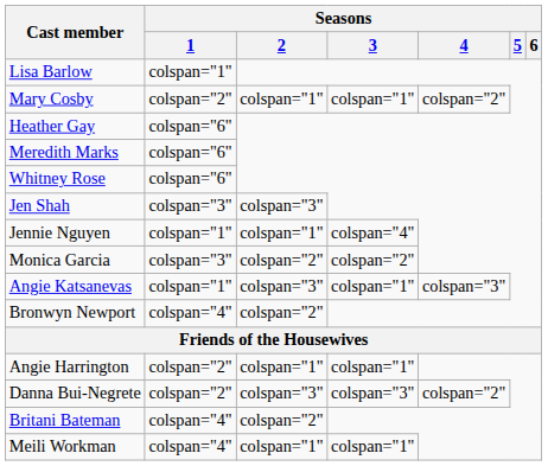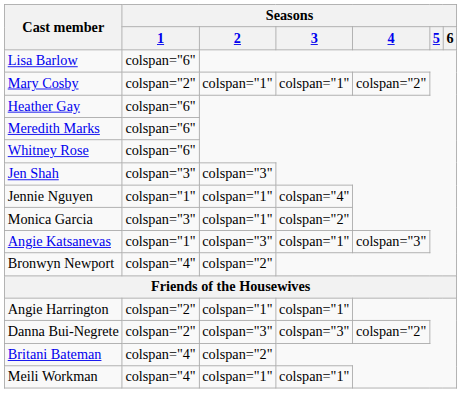 <table class="wikitable plainrowheaders" style="width:70%;">
 <tr>
 <th rowspan="2" style="width:6%;">Cast member</th>
 <th colspan="6">Seasons</th>
 </tr>
 <tr>
 <th style="width:10%;"><a href='#'>1</a></th>
 <th style="width:10%;"><a href='#'>2</a></th>
 <th style="width:10%;"><a href='#'>3</a></th>
 <th style="width:10%;"><a href='#'>4</a></th>
 <th style="width:10%;"><a href='#'>5</a></th>
 <th style="width:10%;">6</th>
 </tr>
 <tr>
 <td><a href='#'>Lisa Barlow</a></td>
-<td>colspan="1" </td>
+<td>colspan="6" </td>
 </tr>
 <tr>
 <td><a href='#'>Mary Cosby</a></td>
 <td>colspan="2" </td>
 <td>colspan="1" </td>
 <td>colspan="1" </td>
 <td>colspan="2" </td>
 </tr>
 <tr>
 <td><a href='#'>Heather Gay</a></td>
 <td>colspan="6" </td>
 </tr>
 <tr>
 <td><a href='#'>Meredith Marks</a></td>
 <td>colspan="6" </td>
 </tr>
 <tr>
 <td><a href='#'>Whitney Rose</a></td>
 <td>colspan="6" </td>
 </tr>
 <tr>
 <td><a href='#'>Jen Shah</a></td>
 <td>colspan="3" </td>
 <td>colspan="3" </td>
 </tr>
 <tr>
 <td>Jennie Nguyen</td>
 <td>colspan="1" </td>
 <td>colspan="1" </td>
 <td>colspan="4" </td>
 </tr>
 <tr>
 <td>Monica Garcia</td>
 <td>colspan="3" </td>
-<td>colspan="2" </td>
+<td>colspan="1" </td>
 <td>colspan="2" </td>
 </tr>
 <tr>
 <td><a href='#'>Angie Katsanevas</a></td>
 <td>colspan="1" </td>
 <td>colspan="3" </td>
 <td>colspan="1" </td>
 <td>colspan="3" </td>
 </tr>
 <tr>
 <td>Bronwyn Newport</td>
 <td>colspan="4" </td>
 <td>colspan="2" </td>
 </tr>
 <tr>
 <th colspan="7">Friends of the Housewives</th>
 </tr>
 <tr>
 <td>Angie Harrington</td>
 <td>colspan="2" </td>
 <td>colspan="1" </td>
 <td>colspan="1" </td>
 </tr>
 <tr>
 <td nowrap>Danna Bui-Negrete</td>
 <td>colspan="2" </td>
 <td>colspan="3" </td>
 <td>colspan="3" </td>
 <td>colspan="2" </td>
 </tr>
 <tr>
 <td><a href='#'>Britani Bateman</a></td>
 <td>colspan="4" </td>
 <td>colspan="2" </td>
 </tr>
 <tr>
 <td>Meili Workman</td>
 <td>colspan="4" </td>
 <td>colspan="1" </td>
 <td>colspan="1" </td>
 </tr>
 </table>
